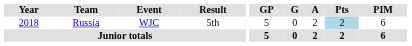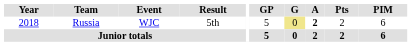 <table border="0" cellpadding="1" cellspacing="0" ID="Table3" style="text-align:center; width:40em;">
 <tr bgcolor="#e0e0e0">
 <th>Year</th>
 <th>Team</th>
 <th>Event</th>
 <th>Result</th>
 <th rowspan="99" bgcolor="#ffffff"></th>
 <th>GP</th>
 <th>G</th>
 <th>A</th>
 <th>Pts</th>
 <th>PIM</th>
 </tr>
 <tr>
 <td><a href='#'>2018</a></td>
 <td><a href='#'>Russia</a></td>
 <td><a href='#'>WJC</a></td>
 <td>5th</td>
 <td>5</td>
-<td>0</td>
+<td style="background: khaki;">0</td>
+<td><strong>2</strong></td>
 <td>2</td>
-<td style="background: lightblue;">2</td>
 <td>6</td>
 </tr>
 <tr bgcolor="#e0e0e0">
 <th colspan="4">Junior totals</th>
 <th>5</th>
 <th>0</th>
 <th>2</th>
 <th>2</th>
 <th>6</th>
 </tr>
 </table>
